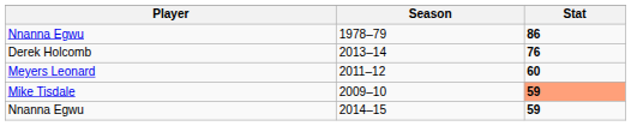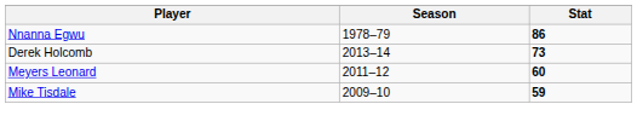 <table class="wikitable sortable" style="text-align: left; width: 65%">
 <tr>
 </tr>
 <tr>
 <th>Player</th>
 <th>Season</th>
 <th>Stat</th>
 </tr>
 <tr>
 <td><a href='#'>Nnanna Egwu</a></td>
 <td>1978–79</td>
 <td><strong>86</strong></td>
 </tr>
 <tr>
 <td>Derek Holcomb</td>
 <td>2013–14</td>
-<td><strong>76</strong></td>
+<td><strong>73</strong></td>
 </tr>
 <tr>
 <td><a href='#'>Meyers Leonard</a></td>
 <td>2011–12</td>
 <td><strong>60</strong></td>
 </tr>
 <tr>
 <td><a href='#'>Mike Tisdale</a></td>
 <td>2009–10</td>
-<td style="background: lightsalmon;"><strong>59</strong></td>
-</tr>
-<tr>
-<td>Nnanna Egwu</td>
-<td>2014–15</td>
 <td><strong>59</strong></td>
 </tr>
 </table>
